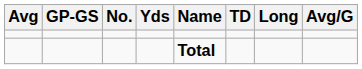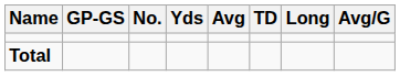 <table class="wikitable" style="white-space:nowrap;">
 <tr>
-<th>Avg</th>
+<th>Name</th>
 <th>GP-GS</th>
 <th>No.</th>
 <th>Yds</th>
-<th>Name</th>
+<th>Avg</th>
 <th>TD</th>
 <th>Long</th>
 <th>Avg/G</th>
 </tr>
 <tr>
 <td></td>
 <td></td>
 <td></td>
 <td></td>
 <td></td>
 <td></td>
 <td></td>
 <td></td>
 </tr>
 <tr>
+<td><strong>Total</strong></td>
 <td></td>
 <td></td>
 <td></td>
 <td></td>
-<td><strong>Total</strong></td>
 <td></td>
 <td></td>
 <td></td>
 </tr>
 </table>
